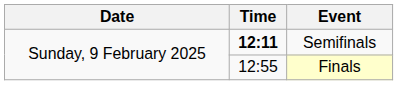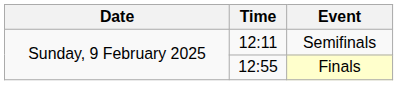 <table class = "wikitable" style="text-align:center;">
 <tr>
 <th width=220>Date</th>
 <th width=50>Time</th>
 <th width=100>Event</th>
 </tr>
 <tr>
 <td rowspan=2>Sunday, 9 February 2025</td>
-<td><strong>12:11</strong></td>
+<td>12:11</td>
 <td>Semifinals</td>
 </tr>
 <tr>
 <td>12:55</td>
 <td bgcolor=ffffcc>Finals</td>
 </tr>
 </table>
